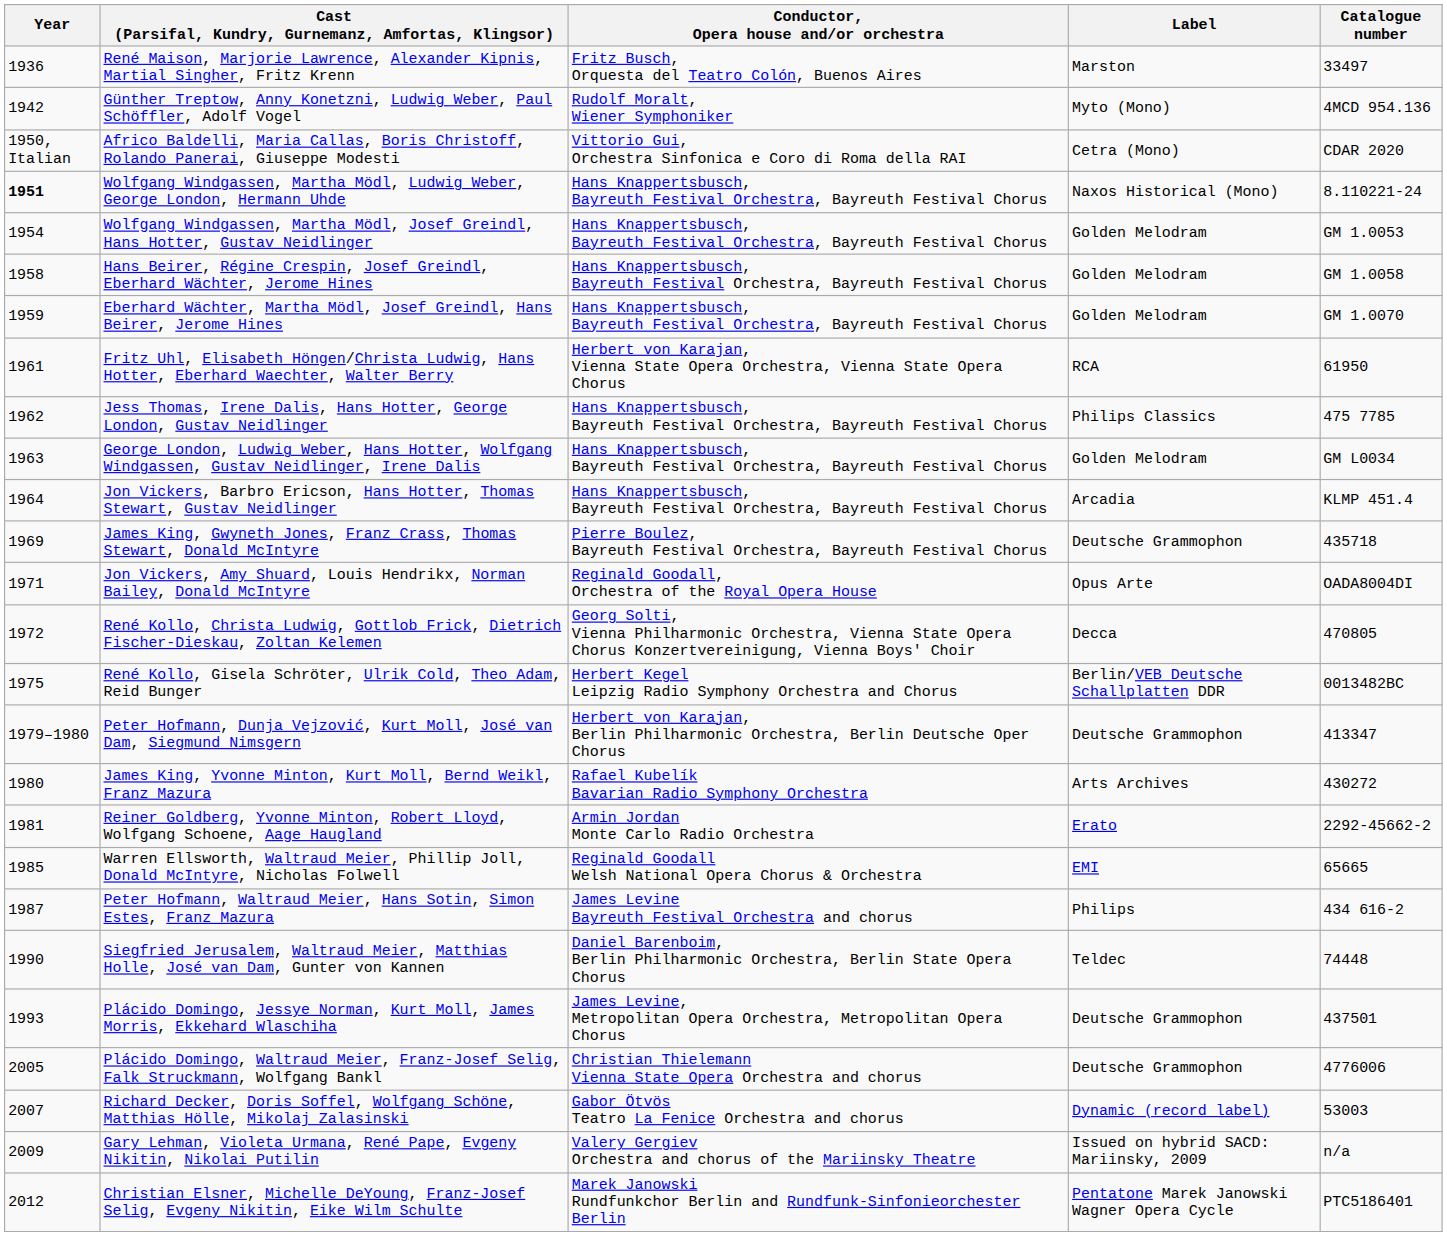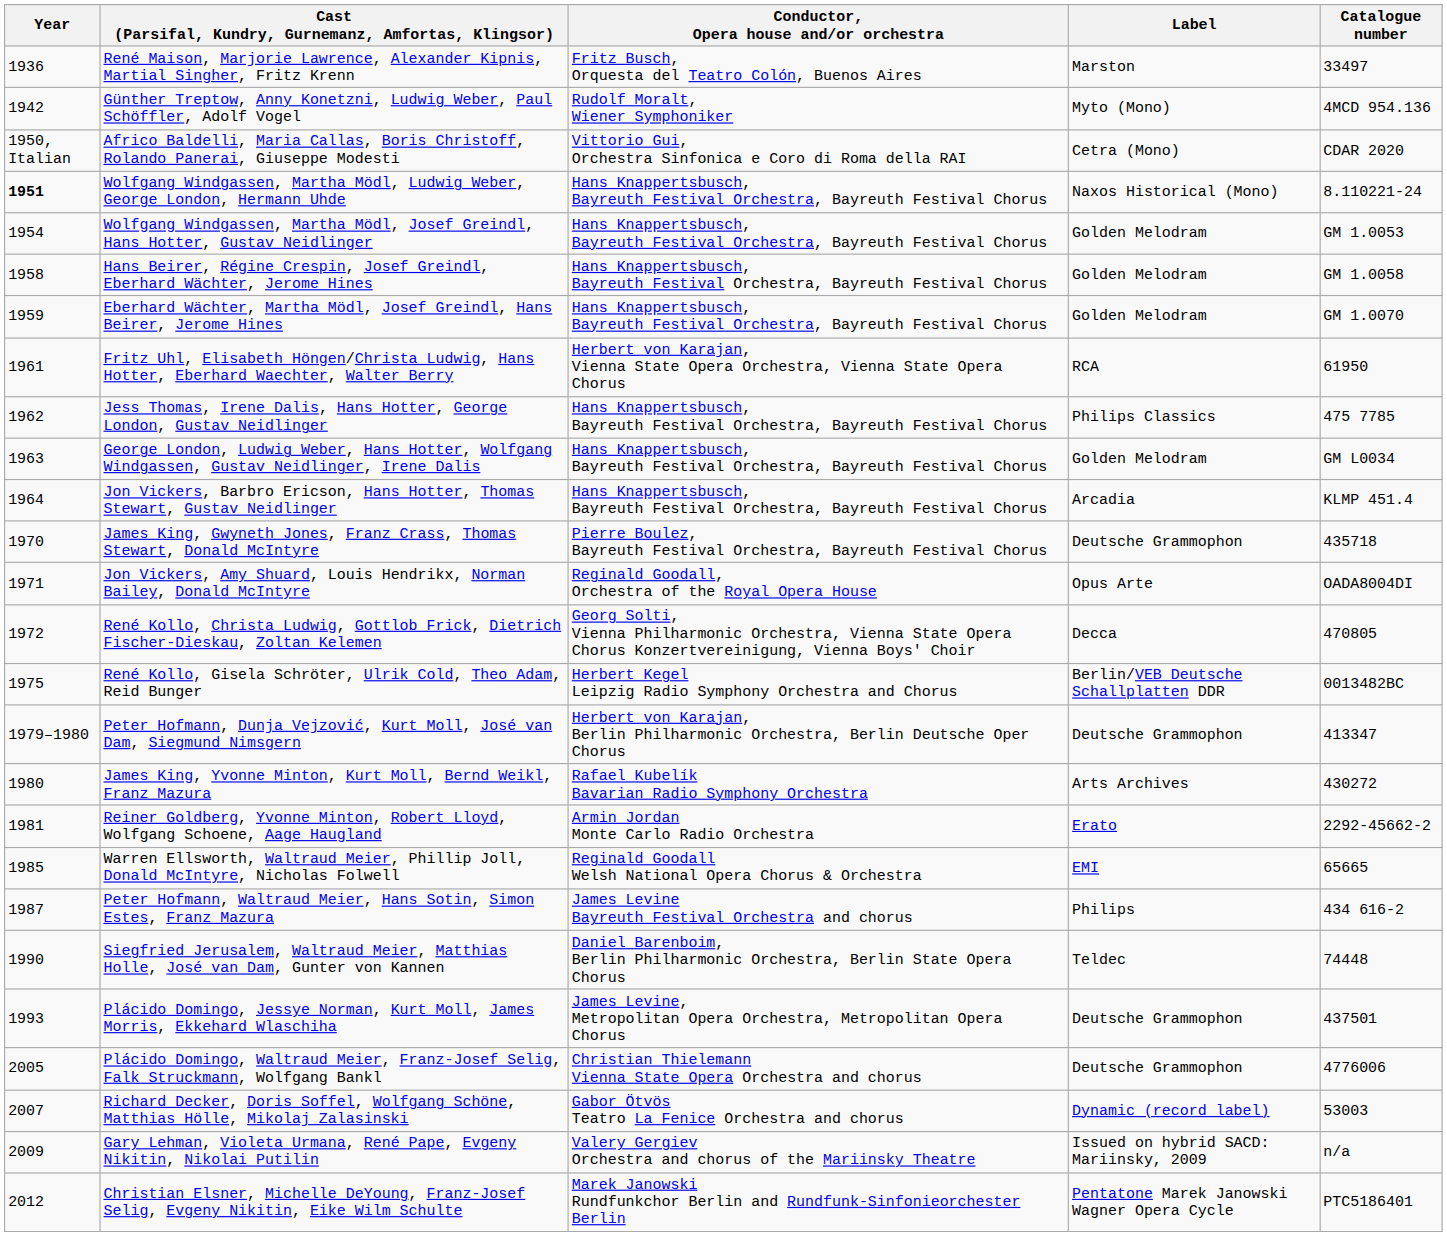 <table class="wikitable">
 <tr>
 <th>Year</th>
 <th>Cast<br>(Parsifal, Kundry, Gurnemanz, Amfortas, Klingsor)</th>
 <th>Conductor,<br>Opera house and/or orchestra</th>
 <th>Label</th>
 <th>Catalogue number</th>
 </tr>
 <tr>
 <td>1936</td>
 <td><a href='#'>René Maison</a>, <a href='#'>Marjorie Lawrence</a>, <a href='#'>Alexander Kipnis</a>, <a href='#'>Martial Singher</a>, Fritz Krenn</td>
 <td><a href='#'>Fritz Busch</a>,<br>Orquesta del <a href='#'>Teatro Colón</a>, Buenos Aires</td>
 <td>Marston</td>
 <td>33497</td>
 </tr>
 <tr>
 <td>1942</td>
 <td><a href='#'>Günther Treptow</a>, <a href='#'>Anny Konetzni</a>, <a href='#'>Ludwig Weber</a>, <a href='#'>Paul Schöffler</a>, Adolf Vogel</td>
 <td><a href='#'>Rudolf Moralt</a>,<br><a href='#'>Wiener Symphoniker</a></td>
 <td>Myto (Mono)</td>
 <td>4MCD 954.136</td>
 </tr>
 <tr>
 <td>1950, Italian</td>
 <td><a href='#'>Africo Baldelli</a>, <a href='#'>Maria Callas</a>, <a href='#'>Boris Christoff</a>, <a href='#'>Rolando Panerai</a>, Giuseppe Modesti</td>
 <td><a href='#'>Vittorio Gui</a>,<br>Orchestra Sinfonica e Coro di Roma della RAI</td>
 <td>Cetra (Mono)</td>
 <td>CDAR 2020</td>
 </tr>
 <tr>
 <td><strong>1951</strong></td>
 <td><a href='#'>Wolfgang Windgassen</a>, <a href='#'>Martha Mödl</a>, <a href='#'>Ludwig Weber</a>, <a href='#'>George London</a>, <a href='#'>Hermann Uhde</a></td>
 <td><a href='#'>Hans Knappertsbusch</a>,<br><a href='#'>Bayreuth Festival Orchestra</a>, Bayreuth Festival Chorus</td>
 <td>Naxos Historical (Mono)</td>
 <td>8.110221-24</td>
 </tr>
 <tr>
 <td>1954</td>
 <td><a href='#'>Wolfgang Windgassen</a>, <a href='#'>Martha Mödl</a>, <a href='#'>Josef Greindl</a>, <a href='#'>Hans Hotter</a>, <a href='#'>Gustav Neidlinger</a></td>
 <td><a href='#'>Hans Knappertsbusch</a>,<br><a href='#'>Bayreuth Festival Orchestra</a>, Bayreuth Festival Chorus</td>
 <td>Golden Melodram</td>
 <td>GM 1.0053</td>
 </tr>
 <tr>
 <td>1958</td>
 <td><a href='#'>Hans Beirer</a>, <a href='#'>Régine Crespin</a>, <a href='#'>Josef Greindl</a>, <a href='#'>Eberhard Wächter</a>, <a href='#'>Jerome Hines</a></td>
 <td><a href='#'>Hans Knappertsbusch</a>,<br><a href='#'>Bayreuth Festival</a> Orchestra, Bayreuth Festival Chorus</td>
 <td>Golden Melodram</td>
 <td>GM 1.0058</td>
 </tr>
 <tr>
 <td>1959</td>
 <td><a href='#'>Eberhard Wächter</a>, <a href='#'>Martha Mödl</a>, <a href='#'>Josef Greindl</a>, <a href='#'>Hans Beirer</a>, <a href='#'>Jerome Hines</a></td>
 <td><a href='#'>Hans Knappertsbusch</a>,<br><a href='#'>Bayreuth Festival Orchestra</a>, Bayreuth Festival Chorus</td>
 <td>Golden Melodram</td>
 <td>GM 1.0070</td>
 </tr>
 <tr>
 <td>1961</td>
 <td><a href='#'>Fritz Uhl</a>, <a href='#'>Elisabeth Höngen</a>/<a href='#'>Christa Ludwig</a>, <a href='#'>Hans Hotter</a>, <a href='#'>Eberhard Waechter</a>, <a href='#'>Walter Berry</a></td>
 <td><a href='#'>Herbert von Karajan</a>,<br>Vienna State Opera Orchestra, Vienna State Opera Chorus</td>
 <td>RCA</td>
 <td>61950</td>
 </tr>
 <tr>
 <td>1962</td>
 <td><a href='#'>Jess Thomas</a>, <a href='#'>Irene Dalis</a>, <a href='#'>Hans Hotter</a>, <a href='#'>George London</a>, <a href='#'>Gustav Neidlinger</a></td>
 <td><a href='#'>Hans Knappertsbusch</a>,<br>Bayreuth Festival Orchestra, Bayreuth Festival Chorus</td>
 <td>Philips Classics</td>
 <td>475 7785</td>
 </tr>
 <tr>
 <td>1963</td>
 <td><a href='#'>George London</a>, <a href='#'>Ludwig Weber</a>, <a href='#'>Hans Hotter</a>, <a href='#'>Wolfgang Windgassen</a>, <a href='#'>Gustav Neidlinger</a>, <a href='#'>Irene Dalis</a></td>
 <td><a href='#'>Hans Knappertsbusch</a>,<br>Bayreuth Festival Orchestra, Bayreuth Festival Chorus</td>
 <td>Golden Melodram</td>
 <td>GM L0034</td>
 </tr>
 <tr>
 <td>1964</td>
 <td><a href='#'>Jon Vickers</a>, Barbro Ericson, <a href='#'>Hans Hotter</a>, <a href='#'>Thomas Stewart</a>, <a href='#'>Gustav Neidlinger</a></td>
 <td><a href='#'>Hans Knappertsbusch</a>,<br>Bayreuth Festival Orchestra, Bayreuth Festival Chorus</td>
 <td>Arcadia</td>
 <td>KLMP 451.4</td>
 </tr>
 <tr>
-<td>1969</td>
+<td>1970</td>
 <td><a href='#'>James King</a>, <a href='#'>Gwyneth Jones</a>, <a href='#'>Franz Crass</a>, <a href='#'>Thomas Stewart</a>, <a href='#'>Donald McIntyre</a></td>
 <td><a href='#'>Pierre Boulez</a>,<br>Bayreuth Festival Orchestra, Bayreuth Festival Chorus</td>
 <td>Deutsche Grammophon</td>
 <td>435718</td>
 </tr>
 <tr>
 <td>1971</td>
 <td><a href='#'>Jon Vickers</a>, <a href='#'>Amy Shuard</a>, Louis Hendrikx, <a href='#'>Norman Bailey</a>, <a href='#'>Donald McIntyre</a></td>
 <td><a href='#'>Reginald Goodall</a>,<br>Orchestra of the <a href='#'>Royal Opera House</a></td>
 <td>Opus Arte</td>
 <td>OADA8004DI</td>
 </tr>
 <tr>
 <td>1972</td>
 <td><a href='#'>René Kollo</a>, <a href='#'>Christa Ludwig</a>, <a href='#'>Gottlob Frick</a>, <a href='#'>Dietrich Fischer-Dieskau</a>, <a href='#'>Zoltan Kelemen</a></td>
 <td><a href='#'>Georg Solti</a>,<br>Vienna Philharmonic Orchestra, Vienna State Opera Chorus Konzertvereinigung, Vienna Boys' Choir</td>
 <td>Decca</td>
 <td>470805</td>
 </tr>
 <tr>
 <td>1975</td>
 <td><a href='#'>René Kollo</a>, Gisela Schröter, <a href='#'>Ulrik Cold</a>, <a href='#'>Theo Adam</a>, Reid Bunger</td>
 <td><a href='#'>Herbert Kegel</a><br>Leipzig Radio Symphony Orchestra and Chorus</td>
 <td>Berlin/<a href='#'>VEB Deutsche Schallplatten</a> DDR</td>
 <td>0013482BC</td>
 </tr>
 <tr>
 <td>1979–1980</td>
 <td><a href='#'>Peter Hofmann</a>, <a href='#'>Dunja Vejzović</a>, <a href='#'>Kurt Moll</a>, <a href='#'>José van Dam</a>, <a href='#'>Siegmund Nimsgern</a></td>
 <td><a href='#'>Herbert von Karajan</a>,<br>Berlin Philharmonic Orchestra, Berlin Deutsche Oper Chorus</td>
 <td>Deutsche Grammophon</td>
 <td>413347</td>
 </tr>
 <tr>
 <td>1980</td>
 <td><a href='#'>James King</a>, <a href='#'>Yvonne Minton</a>, <a href='#'>Kurt Moll</a>, <a href='#'>Bernd Weikl</a>, <a href='#'>Franz Mazura</a></td>
 <td><a href='#'>Rafael Kubelík</a><br><a href='#'>Bavarian Radio Symphony Orchestra</a></td>
 <td>Arts Archives</td>
 <td>430272</td>
 </tr>
 <tr>
 <td>1981</td>
 <td><a href='#'>Reiner Goldberg</a>, <a href='#'>Yvonne Minton</a>, <a href='#'>Robert Lloyd</a>, Wolfgang Schoene, <a href='#'>Aage Haugland</a></td>
 <td><a href='#'>Armin Jordan</a><br>Monte Carlo Radio Orchestra</td>
 <td><a href='#'>Erato</a></td>
 <td>2292-45662-2</td>
 </tr>
 <tr>
 <td>1985</td>
 <td>Warren Ellsworth, <a href='#'>Waltraud Meier</a>, Phillip Joll, <a href='#'>Donald McIntyre</a>, Nicholas Folwell</td>
 <td><a href='#'>Reginald Goodall</a><br>Welsh National Opera Chorus & Orchestra</td>
 <td><a href='#'>EMI</a></td>
 <td>65665</td>
 </tr>
 <tr>
 <td>1987</td>
 <td><a href='#'>Peter Hofmann</a>, <a href='#'>Waltraud Meier</a>, <a href='#'>Hans Sotin</a>, <a href='#'>Simon Estes</a>, <a href='#'>Franz Mazura</a></td>
 <td><a href='#'>James Levine</a><br><a href='#'>Bayreuth Festival Orchestra</a> and chorus</td>
 <td>Philips</td>
 <td>434 616-2</td>
 </tr>
 <tr>
 <td>1990</td>
 <td><a href='#'>Siegfried Jerusalem</a>, <a href='#'>Waltraud Meier</a>, <a href='#'>Matthias Holle</a>, <a href='#'>José van Dam</a>, Gunter von Kannen</td>
 <td><a href='#'>Daniel Barenboim</a>,<br>Berlin Philharmonic Orchestra, Berlin State Opera Chorus</td>
 <td>Teldec</td>
 <td>74448</td>
 </tr>
 <tr>
 <td>1993</td>
 <td><a href='#'>Plácido Domingo</a>, <a href='#'>Jessye Norman</a>, <a href='#'>Kurt Moll</a>, <a href='#'>James Morris</a>, <a href='#'>Ekkehard Wlaschiha</a></td>
 <td><a href='#'>James Levine</a>,<br>Metropolitan Opera Orchestra, Metropolitan Opera Chorus</td>
 <td>Deutsche Grammophon</td>
 <td>437501</td>
 </tr>
 <tr>
 <td>2005</td>
 <td><a href='#'>Plácido Domingo</a>, <a href='#'>Waltraud Meier</a>, <a href='#'>Franz-Josef Selig</a>, <a href='#'>Falk Struckmann</a>, Wolfgang Bankl</td>
 <td><a href='#'>Christian Thielemann</a><br><a href='#'>Vienna State Opera</a> Orchestra and chorus</td>
 <td>Deutsche Grammophon</td>
 <td>4776006</td>
 </tr>
 <tr>
 <td>2007</td>
 <td><a href='#'>Richard Decker</a>, <a href='#'>Doris Soffel</a>, <a href='#'>Wolfgang Schöne</a>, <a href='#'>Matthias Hölle</a>, <a href='#'>Mikolaj Zalasinski</a></td>
 <td><a href='#'>Gabor Ötvös</a><br>Teatro <a href='#'>La Fenice</a> Orchestra and chorus</td>
 <td><a href='#'>Dynamic (record label)</a></td>
 <td>53003</td>
 </tr>
 <tr>
 <td>2009</td>
 <td><a href='#'>Gary Lehman</a>, <a href='#'>Violeta Urmana</a>, <a href='#'>René Pape</a>, <a href='#'>Evgeny Nikitin</a>, <a href='#'>Nikolai Putilin</a></td>
 <td><a href='#'>Valery Gergiev</a><br>Orchestra and chorus of the <a href='#'>Mariinsky Theatre</a></td>
 <td>Issued on hybrid SACD: Mariinsky, 2009</td>
 <td>n/a</td>
 </tr>
 <tr>
 <td>2012</td>
 <td><a href='#'>Christian Elsner</a>, <a href='#'>Michelle DeYoung</a>, <a href='#'>Franz-Josef Selig</a>, <a href='#'>Evgeny Nikitin</a>, <a href='#'>Eike Wilm Schulte</a></td>
 <td><a href='#'>Marek Janowski</a><br>Rundfunkchor Berlin and <a href='#'>Rundfunk-Sinfonieorchester Berlin</a></td>
 <td><a href='#'>Pentatone</a> Marek Janowski Wagner Opera Cycle</td>
 <td>PTC5186401</td>
 </tr>
 <tr>
 </tr>
 </table>
